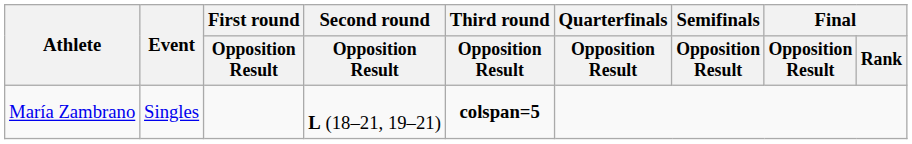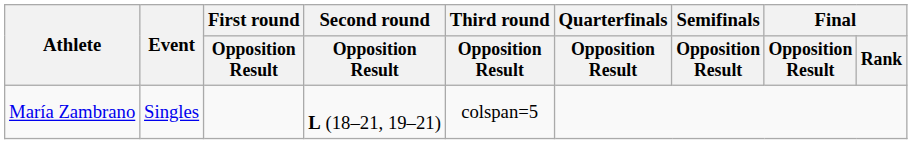 <table class=wikitable style=font-size:90%;text-align:center>
 <tr>
 <th rowspan=2>Athlete</th>
 <th rowspan=2>Event</th>
 <th>First round</th>
 <th>Second round</th>
 <th>Third round</th>
 <th>Quarterfinals</th>
 <th>Semifinals</th>
 <th colspan=2>Final</th>
 </tr>
 <tr style=font-size:95%>
 <th>Opposition<br>Result</th>
 <th>Opposition<br>Result</th>
 <th>Opposition<br>Result</th>
 <th>Opposition<br>Result</th>
 <th>Opposition<br>Result</th>
 <th>Opposition<br>Result</th>
 <th>Rank</th>
 </tr>
 <tr align=center>
 <td align=left><a href='#'>María Zambrano</a></td>
 <td align=left rowspan=2><a href='#'>Singles</a></td>
 <td></td>
 <td><br><strong>L</strong> (18–21, 19–21)</td>
-<td><strong>colspan=5 </strong></td>
+<td>colspan=5 </td>
 </tr>
 </table>
